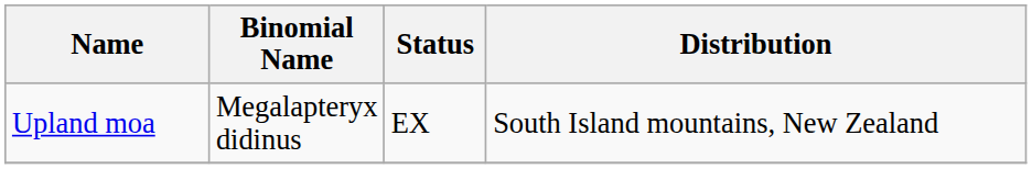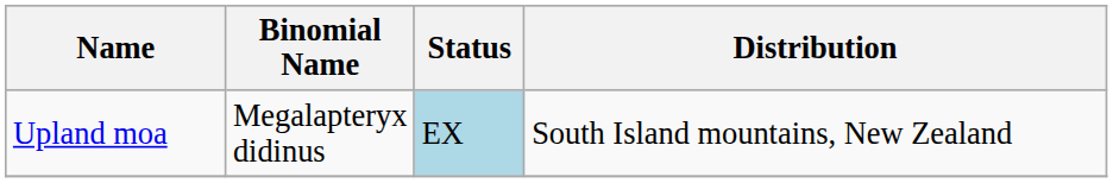 <table class="wikitable" style="width:90%">
 <tr>
 <th style="width:20%">Name</th>
 <th style="width:15%">Binomial Name</th>
 <th style="width:10%">Status</th>
 <th>Distribution</th>
 </tr>
 <tr>
 <td><a href='#'>Upland moa</a></td>
 <td>Megalapteryx didinus</td>
-<td>EX</td>
+<td style="background: lightblue;">EX</td>
 <td>South Island mountains, New Zealand</td>
 </tr>
 <tr>
 </tr>
 </table>
